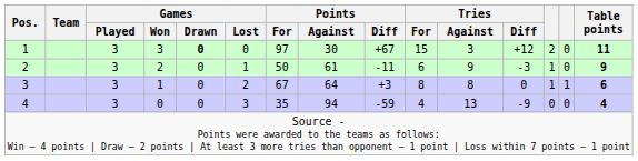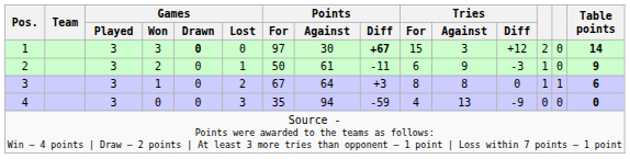 <table class="wikitable" style="text-align:center">
 <tr>
 <th rowspan="2">Pos.</th>
 <th rowspan="2">Team</th>
 <th colspan="4">Games</th>
 <th colspan="3">Points</th>
 <th colspan="3">Tries</th>
 <th rowspan="2"></th>
 <th rowspan="2"></th>
 <th rowspan="2">Table<br>points</th>
 </tr>
 <tr>
 <th>Played</th>
 <th>Won</th>
 <th>Drawn</th>
 <th>Lost</th>
 <th>For</th>
 <th>Against</th>
 <th>Diff</th>
 <th>For</th>
 <th>Against</th>
 <th>Diff</th>
 </tr>
 <tr bgcolor="#ccffcc">
 <td>1</td>
 <td style="text-align:left"></td>
 <td>3</td>
 <td>3</td>
 <td><strong>0</strong></td>
 <td>0</td>
 <td>97</td>
 <td>30</td>
-<td>+67</td>
+<td><strong>+67</strong></td>
 <td>15</td>
 <td>3</td>
 <td>+12</td>
 <td>2</td>
 <td>0</td>
-<td><strong>11</strong></td>
+<td><strong>14</strong></td>
 </tr>
 <tr bgcolor="#ccffcc">
 <td>2</td>
 <td style="text-align:left"></td>
 <td>3</td>
 <td>2</td>
 <td>0</td>
 <td>1</td>
 <td>50</td>
 <td>61</td>
 <td>-11</td>
 <td>6</td>
 <td>9</td>
 <td>-3</td>
 <td>1</td>
 <td>0</td>
 <td><strong>9</strong></td>
 </tr>
 <tr bgcolor="#CCCCFF">
 <td>3</td>
 <td style="text-align:left"></td>
 <td>3</td>
 <td>1</td>
 <td>0</td>
 <td>2</td>
 <td>67</td>
 <td>64</td>
 <td>+3</td>
 <td>8</td>
 <td>8</td>
 <td>0</td>
 <td>1</td>
 <td>1</td>
 <td><strong>6</strong></td>
 </tr>
 <tr bgcolor="#CCCCFF">
 <td>4</td>
 <td style="text-align:left"></td>
 <td>3</td>
 <td>0</td>
 <td>0</td>
 <td>3</td>
 <td>35</td>
 <td>94</td>
 <td>-59</td>
 <td>4</td>
 <td>13</td>
 <td>-9</td>
 <td>0</td>
 <td>0</td>
-<td><strong>4</strong></td>
+<td><strong>0</strong></td>
 </tr>
 <tr>
 <td colspan="100%" style="text-align:center">Source - <br><small>Points were awarded to the teams as follows:<br>Win – 4 points | Draw – 2 points | At least 3 more tries than opponent – 1 point | Loss within 7 points – 1 point</small></td>
 </tr>
 </table>
